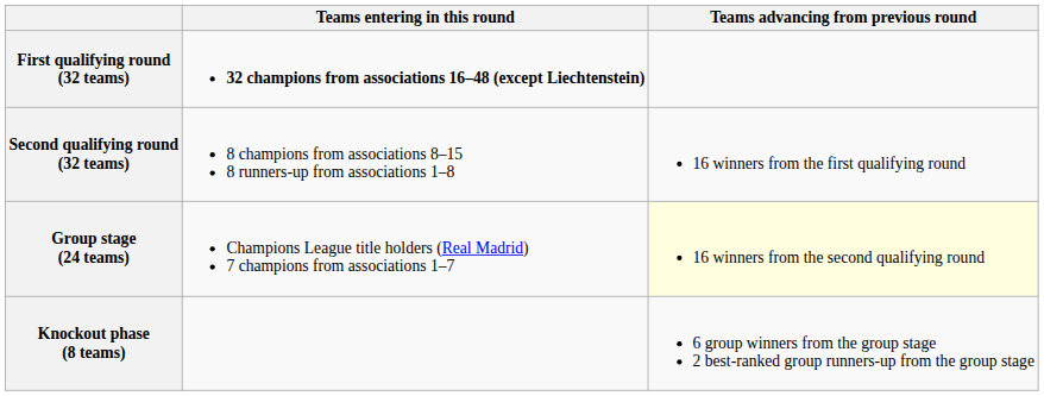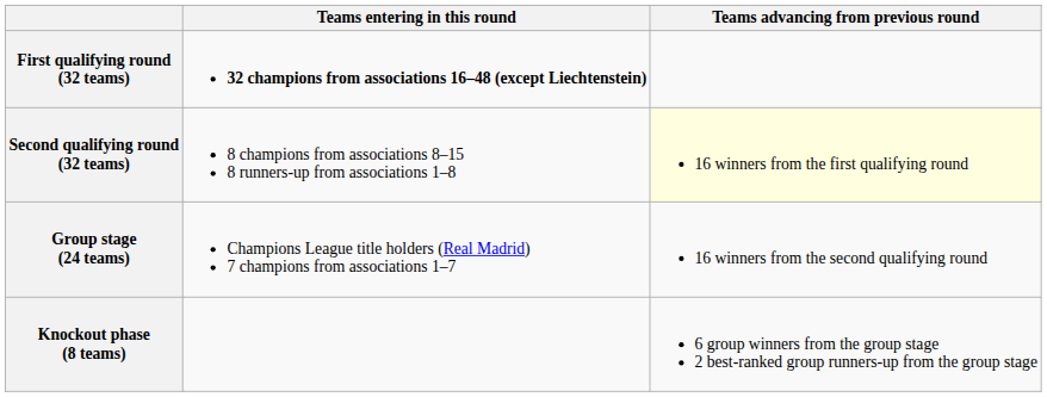 <table class="wikitable">
 <tr>
 <th colspan=2></th>
 <th>Teams entering in this round</th>
 <th>Teams advancing from previous round</th>
 </tr>
 <tr>
 <th colspan=2>First qualifying round<br>(32 teams)</th>
 <td><strong><br><ul><li>32 champions from associations 16–48 (except Liechtenstein)</li></ul></strong></td>
 <td></td>
 </tr>
 <tr>
 <th colspan=2>Second qualifying round<br>(32 teams)</th>
 <td><br><ul><li>8 champions from associations 8–15</li><li>8 runners-up from associations 1–8</li></ul></td>
-<td><br><ul><li>16 winners from the first qualifying round</li></ul></td>
+<td style="background: lightyellow;"><br><ul><li>16 winners from the first qualifying round</li></ul></td>
 </tr>
 <tr>
 <th colspan=2>Group stage<br>(24 teams)</th>
 <td><br><ul><li>Champions League title holders (<a href='#'>Real Madrid</a>)</li><li>7 champions from associations 1–7</li></ul></td>
-<td style="background: lightyellow;"><br><ul><li>16 winners from the second qualifying round</li></ul></td>
+<td><br><ul><li>16 winners from the second qualifying round</li></ul></td>
 </tr>
 <tr>
 <th colspan=2>Knockout phase<br>(8 teams)</th>
 <td></td>
 <td><br><ul><li>6 group winners from the group stage</li><li>2 best-ranked group runners-up from the group stage</li></ul></td>
 </tr>
 </table>
